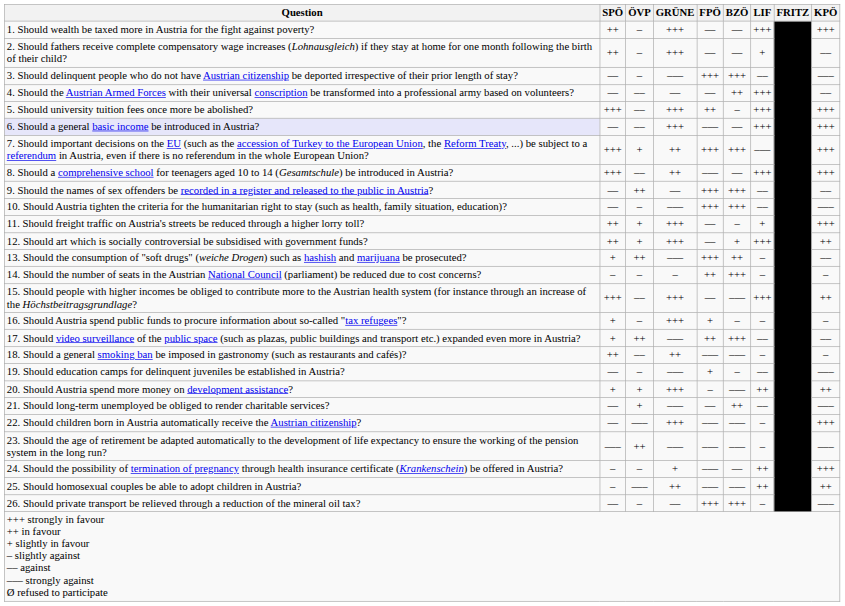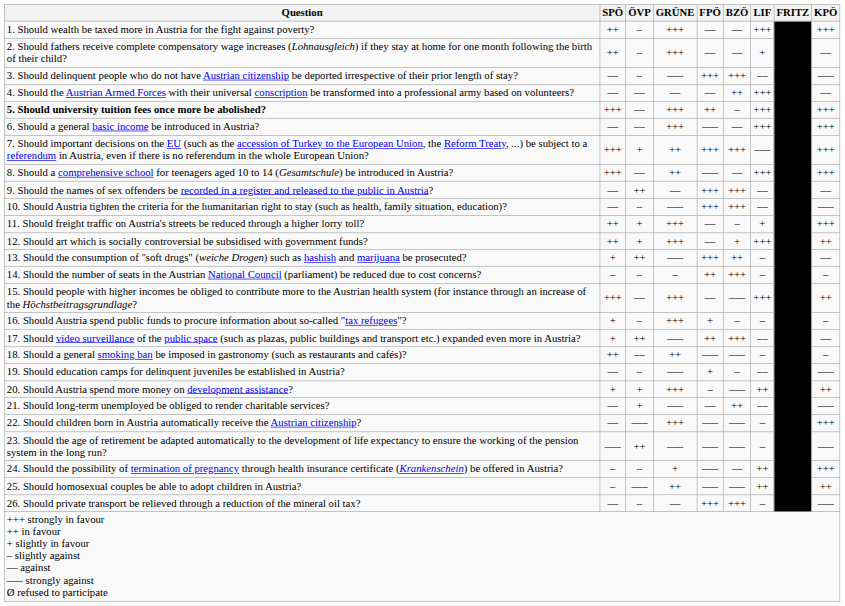 <table class="wikitable">
 <tr>
 <th>Question</th>
 <th>SPÖ</th>
 <th>ÖVP</th>
 <th>GRÜNE</th>
 <th>FPÖ</th>
 <th>BZÖ</th>
 <th>LIF</th>
 <th>FRITZ</th>
 <th>KPÖ</th>
 </tr>
 <tr>
 <td>1. Should wealth be taxed more in Austria for the fight against poverty?</td>
 <td align="center">++</td>
 <td align="center">–</td>
 <td align="center">+++</td>
 <td align="center">––</td>
 <td align="center">––</td>
 <td align="center">+++</td>
 <td align="center" rowspan="26" bgcolor=black><span>Ø</span></td>
 <td align="center">+++</td>
 </tr>
 <tr>
 <td>2. Should fathers receive complete compensatory wage increases (<em>Lohnausgleich</em>) if they stay at home for one month following the birth of their child?</td>
 <td align="center">++</td>
 <td align="center">–</td>
 <td align="center">+++</td>
 <td align="center">––</td>
 <td align="center">––</td>
 <td align="center">+</td>
 <td align="center">––</td>
 </tr>
 <tr>
 <td>3. Should delinquent people who do not have <a href='#'>Austrian citizenship</a> be deported irrespective of their prior length of stay?</td>
 <td align="center">––</td>
 <td align="center">–</td>
 <td align="center">–––</td>
 <td align="center">+++</td>
 <td align="center">+++</td>
 <td align="center">––</td>
 <td align="center">–––</td>
 </tr>
 <tr>
 <td>4. Should the <a href='#'>Austrian Armed Forces</a> with their universal <a href='#'>conscription</a> be transformed into a professional army based on volunteers?</td>
 <td align="center">––</td>
 <td align="center">––</td>
 <td align="center">––</td>
 <td align="center">––</td>
 <td align="center">++</td>
 <td align="center">+++</td>
 <td align="center">––</td>
 </tr>
 <tr>
-<td>5. Should university tuition fees once more be abolished?</td>
+<td><strong>5. Should university tuition fees once more be abolished?</strong></td>
 <td align="center">+++</td>
 <td align="center">––</td>
 <td align="center">+++</td>
 <td align="center">++</td>
 <td align="center">–</td>
 <td align="center">+++</td>
 <td align="center">+++</td>
 </tr>
 <tr>
-<td style="background: lavender;">6. Should a general <a href='#'>basic income</a> be introduced in Austria?</td>
+<td>6. Should a general <a href='#'>basic income</a> be introduced in Austria?</td>
 <td align="center">––</td>
 <td align="center">––</td>
 <td align="center">+++</td>
 <td align="center">–––</td>
 <td align="center">––</td>
 <td align="center">+++</td>
 <td align="center">+++</td>
 </tr>
 <tr>
 <td>7. Should important decisions on the <a href='#'>EU</a> (such as the <a href='#'>accession of Turkey to the European Union</a>, the <a href='#'>Reform Treaty</a>, ...) be subject to a <a href='#'>referendum</a> in Austria, even if there is no referendum in the whole European Union?</td>
 <td align="center">+++</td>
 <td align="center">+</td>
 <td align="center">++</td>
 <td align="center">+++</td>
 <td align="center">+++</td>
 <td align="center">–––</td>
 <td align="center">+++</td>
 </tr>
 <tr>
 <td>8. Should a <a href='#'>comprehensive school</a> for teenagers aged 10 to 14 (<em>Gesamtschule</em>) be introduced in Austria?</td>
 <td align="center">+++</td>
 <td align="center">––</td>
 <td align="center">++</td>
 <td align="center">–––</td>
 <td align="center">––</td>
 <td align="center">+++</td>
 <td align="center">+++</td>
 </tr>
 <tr>
 <td>9. Should the names of sex offenders be <a href='#'>recorded in a register and released to the public in Austria</a>?</td>
 <td align="center">––</td>
 <td align="center">++</td>
 <td align="center">––</td>
 <td align="center">+++</td>
 <td align="center">+++</td>
 <td align="center">––</td>
 <td align="center">––</td>
 </tr>
 <tr>
 <td>10. Should Austria tighten the criteria for the humanitarian right to stay (such as health, family situation, education)?</td>
 <td align="center">––</td>
 <td align="center">–</td>
 <td align="center">–––</td>
 <td align="center">+++</td>
 <td align="center">+++</td>
 <td align="center">––</td>
 <td align="center">–––</td>
 </tr>
 <tr>
 <td>11. Should freight traffic on Austria's streets be reduced through a higher lorry toll?</td>
 <td align="center">++</td>
 <td align="center">+</td>
 <td align="center">+++</td>
 <td align="center">––</td>
 <td align="center">–</td>
 <td align="center">+</td>
 <td align="center">+++</td>
 </tr>
 <tr>
 <td>12. Should art which is socially controversial be subsidised with government funds?</td>
 <td align="center">++</td>
 <td align="center">+</td>
 <td align="center">+++</td>
 <td align="center">––</td>
 <td align="center">+</td>
 <td align="center">+++</td>
 <td align="center">++</td>
 </tr>
 <tr>
 <td>13. Should the consumption of "soft drugs" (<em>weiche Drogen</em>) such as <a href='#'>hashish</a> and <a href='#'>marijuana</a> be prosecuted?</td>
 <td align="center">+</td>
 <td align="center">++</td>
 <td align="center">–––</td>
 <td align="center">+++</td>
 <td align="center">++</td>
 <td align="center">–</td>
 <td align="center">––</td>
 </tr>
 <tr>
 <td>14. Should the number of seats in the Austrian <a href='#'>National Council</a> (parliament) be reduced due to cost concerns?</td>
 <td align="center">–</td>
 <td align="center">–</td>
 <td align="center">–</td>
 <td align="center">++</td>
 <td align="center">+++</td>
 <td align="center">–</td>
 <td align="center">–</td>
 </tr>
 <tr>
 <td>15. Should people with higher incomes be obliged to contribute more to the Austrian health system (for instance through an increase of the <em>Höchstbeitragsgrundlage</em>?</td>
 <td align="center">+++</td>
 <td align="center">––</td>
 <td align="center">+++</td>
 <td align="center">––</td>
 <td align="center">–––</td>
 <td align="center">+++</td>
 <td align="center">++</td>
 </tr>
 <tr>
 <td>16. Should Austria spend public funds to procure information about so-called "<a href='#'>tax refugees</a>"?</td>
 <td align="center">+</td>
 <td align="center">–</td>
 <td align="center">+++</td>
 <td align="center">+</td>
 <td align="center">–</td>
 <td align="center">–</td>
 <td align="center">–</td>
 </tr>
 <tr>
 <td>17. Should <a href='#'>video surveillance</a> of the <a href='#'>public space</a> (such as plazas, public buildings and transport etc.) expanded even more in Austria?</td>
 <td align="center">+</td>
 <td align="center">++</td>
 <td align="center">–––</td>
 <td align="center">++</td>
 <td align="center">+++</td>
 <td align="center">––</td>
 <td align="center">––</td>
 </tr>
 <tr>
 <td>18. Should a general <a href='#'>smoking ban</a> be imposed in gastronomy (such as restaurants and cafés)?</td>
 <td align="center">++</td>
 <td align="center">––</td>
 <td align="center">++</td>
 <td align="center">–––</td>
 <td align="center">–––</td>
 <td align="center">–</td>
 <td align="center">–</td>
 </tr>
 <tr>
 <td>19. Should education camps for delinquent juveniles be established in Austria?</td>
 <td align="center">––</td>
 <td align="center">–</td>
 <td align="center">–––</td>
 <td align="center">+</td>
 <td align="center">–</td>
 <td align="center">––</td>
 <td align="center">–––</td>
 </tr>
 <tr>
 <td>20. Should Austria spend more money on <a href='#'>development assistance</a>?</td>
 <td align="center">+</td>
 <td align="center">+</td>
 <td align="center">+++</td>
 <td align="center">–</td>
 <td align="center">–––</td>
 <td align="center">++</td>
 <td align="center">++</td>
 </tr>
 <tr>
 <td>21. Should long-term unemployed be obliged to render charitable services?</td>
 <td align="center">––</td>
 <td align="center">+</td>
 <td align="center">–––</td>
 <td align="center">––</td>
 <td align="center">++</td>
 <td align="center">––</td>
 <td align="center">–––</td>
 </tr>
 <tr>
 <td>22. Should children born in Austria automatically receive the <a href='#'>Austrian citizenship</a>?</td>
 <td align="center">––</td>
 <td align="center">–––</td>
 <td align="center">+++</td>
 <td align="center">–––</td>
 <td align="center">–––</td>
 <td align="center">–</td>
 <td align="center">+++</td>
 </tr>
 <tr>
 <td>23. Should the age of retirement be adapted automatically to the development of life expectancy to ensure the working of the pension system in the long run?</td>
 <td align="center">–––</td>
 <td align="center">++</td>
 <td align="center">–––</td>
 <td align="center">–––</td>
 <td align="center">–––</td>
 <td align="center">–</td>
 <td align="center">–––</td>
 </tr>
 <tr>
 <td>24. Should the possibility of <a href='#'>termination of pregnancy</a> through health insurance certificate (<em><a href='#'>Krankenschein</a></em>) be offered in Austria?</td>
 <td align="center">–</td>
 <td align="center">–</td>
 <td align="center">+</td>
 <td align="center">–––</td>
 <td align="center">––</td>
 <td align="center">++</td>
 <td align="center">+++</td>
 </tr>
 <tr>
 <td>25. Should homosexual couples be able to adopt children in Austria?</td>
 <td align="center">–</td>
 <td align="center">–––</td>
 <td align="center">++</td>
 <td align="center">–––</td>
 <td align="center">–––</td>
 <td align="center">++</td>
 <td align="center">++</td>
 </tr>
 <tr>
 <td>26. Should private transport be relieved through a reduction of the mineral oil tax?</td>
 <td align="center">––</td>
 <td align="center">–</td>
 <td align="center">––</td>
 <td align="center">+++</td>
 <td align="center">+++</td>
 <td align="center">–</td>
 <td align="center">–––</td>
 </tr>
 <tr>
 <td colspan="9">+++ strongly in favour<br>++ in favour<br>+ slightly in favour<br>– slightly against<br>–– against<br>––– strongly against<br>Ø refused to participate</td>
 </tr>
 </table>
